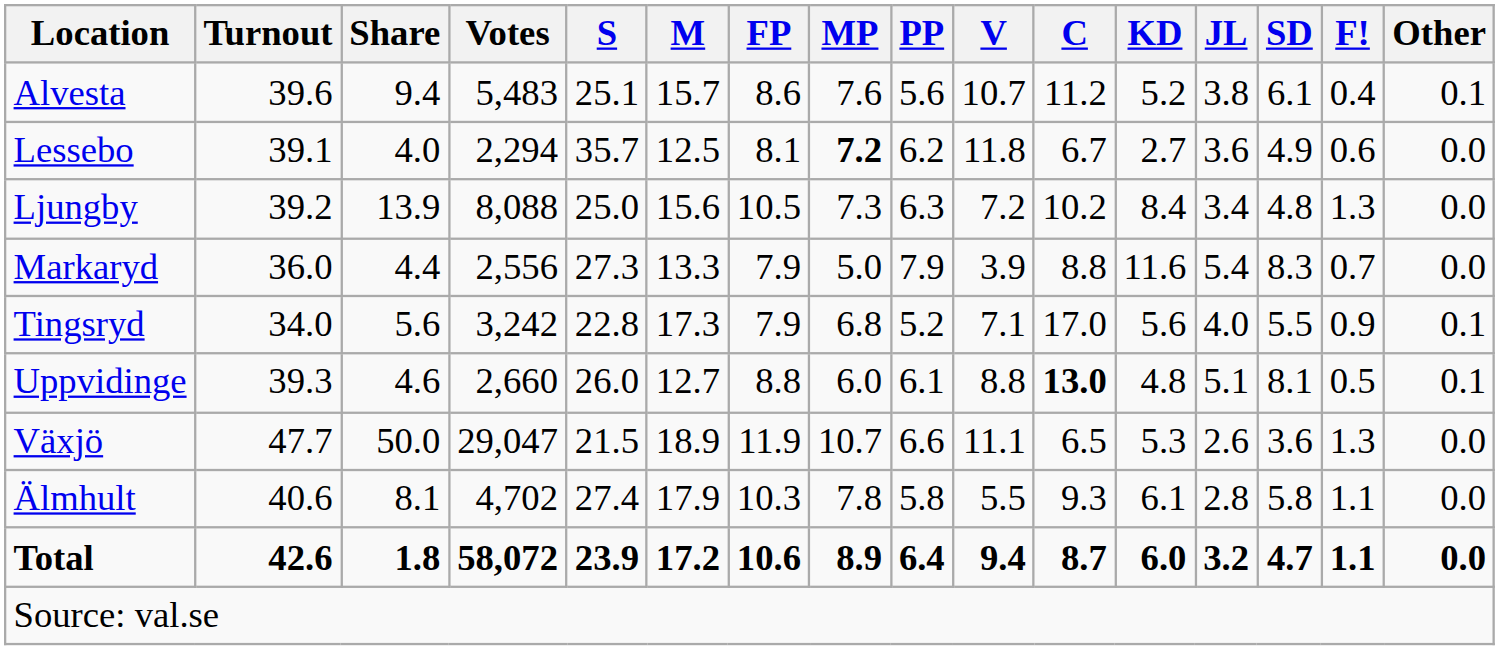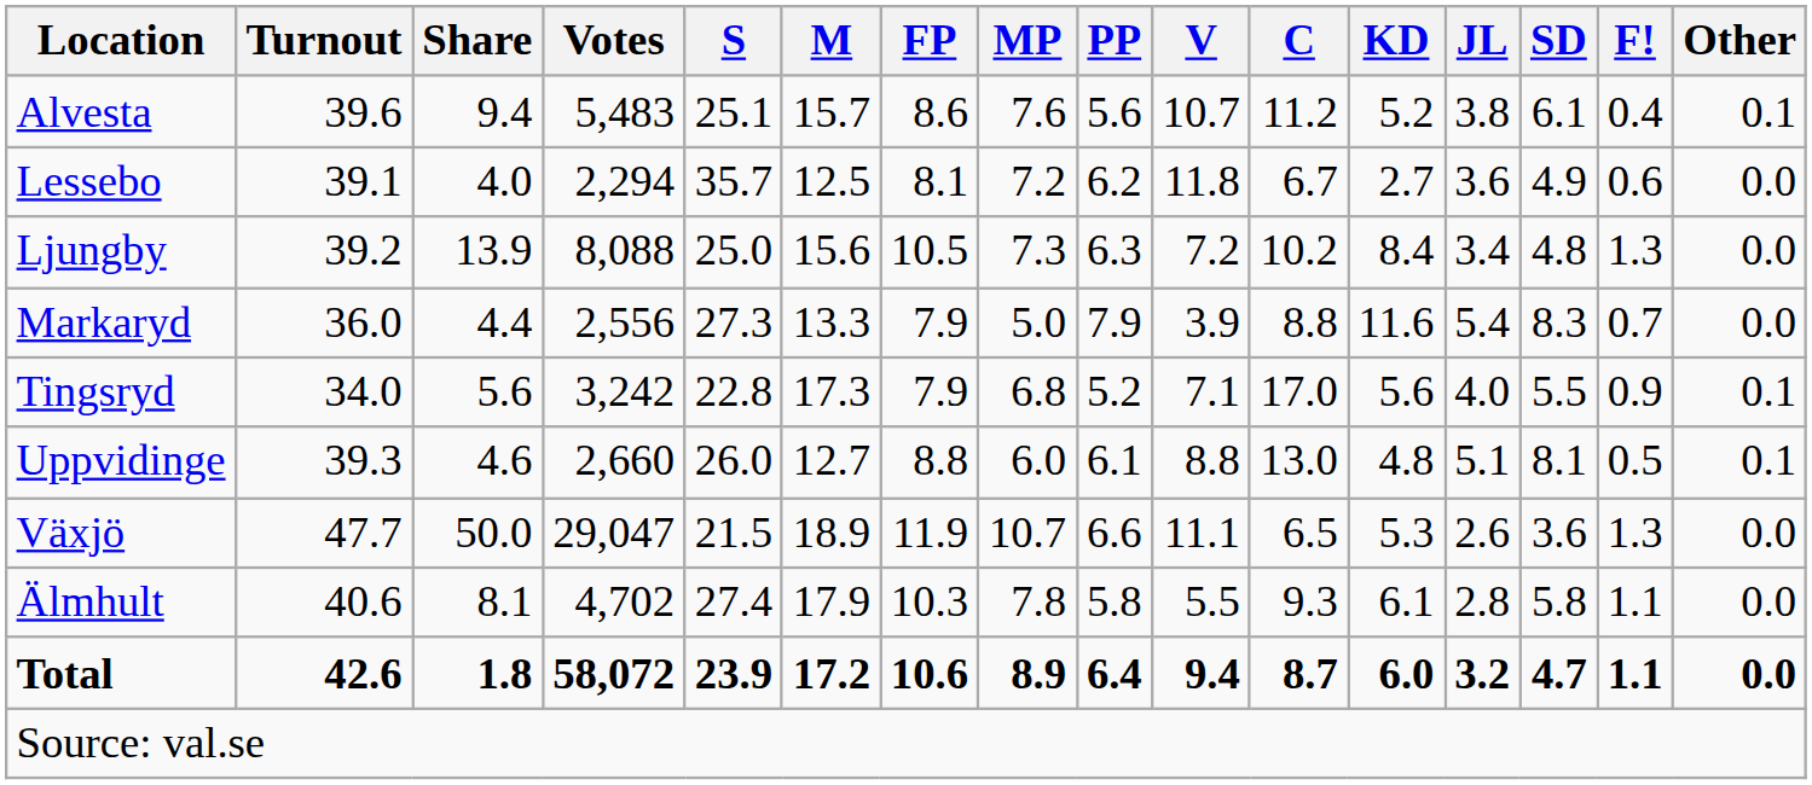 <table class="wikitable sortable" style=text-align:right>
 <tr>
 <th>Location</th>
 <th>Turnout</th>
 <th>Share</th>
 <th>Votes</th>
 <th><a href='#'>S</a></th>
 <th><a href='#'>M</a></th>
 <th><a href='#'>FP</a></th>
 <th><a href='#'>MP</a></th>
 <th><a href='#'>PP</a></th>
 <th><a href='#'>V</a></th>
 <th><a href='#'>C</a></th>
 <th><a href='#'>KD</a></th>
 <th><a href='#'>JL</a></th>
 <th><a href='#'>SD</a></th>
 <th><a href='#'>F!</a></th>
 <th>Other</th>
 </tr>
 <tr>
 <td align=left><a href='#'>Alvesta</a></td>
 <td>39.6</td>
 <td>9.4</td>
 <td>5,483</td>
 <td>25.1</td>
 <td>15.7</td>
 <td>8.6</td>
 <td>7.6</td>
 <td>5.6</td>
 <td>10.7</td>
 <td>11.2</td>
 <td>5.2</td>
 <td>3.8</td>
 <td>6.1</td>
 <td>0.4</td>
 <td>0.1</td>
 </tr>
 <tr>
 <td align=left><a href='#'>Lessebo</a></td>
 <td>39.1</td>
 <td>4.0</td>
 <td>2,294</td>
 <td>35.7</td>
 <td>12.5</td>
 <td>8.1</td>
-<td><strong>7.2</strong></td>
+<td>7.2</td>
 <td>6.2</td>
 <td>11.8</td>
 <td>6.7</td>
 <td>2.7</td>
 <td>3.6</td>
 <td>4.9</td>
 <td>0.6</td>
 <td>0.0</td>
 </tr>
 <tr>
 <td align=left><a href='#'>Ljungby</a></td>
 <td>39.2</td>
 <td>13.9</td>
 <td>8,088</td>
 <td>25.0</td>
 <td>15.6</td>
 <td>10.5</td>
 <td>7.3</td>
 <td>6.3</td>
 <td>7.2</td>
 <td>10.2</td>
 <td>8.4</td>
 <td>3.4</td>
 <td>4.8</td>
 <td>1.3</td>
 <td>0.0</td>
 </tr>
 <tr>
 <td align=left><a href='#'>Markaryd</a></td>
 <td>36.0</td>
 <td>4.4</td>
 <td>2,556</td>
 <td>27.3</td>
 <td>13.3</td>
 <td>7.9</td>
 <td>5.0</td>
 <td>7.9</td>
 <td>3.9</td>
 <td>8.8</td>
 <td>11.6</td>
 <td>5.4</td>
 <td>8.3</td>
 <td>0.7</td>
 <td>0.0</td>
 </tr>
 <tr>
 <td align=left><a href='#'>Tingsryd</a></td>
 <td>34.0</td>
 <td>5.6</td>
 <td>3,242</td>
 <td>22.8</td>
 <td>17.3</td>
 <td>7.9</td>
 <td>6.8</td>
 <td>5.2</td>
 <td>7.1</td>
 <td>17.0</td>
 <td>5.6</td>
 <td>4.0</td>
 <td>5.5</td>
 <td>0.9</td>
 <td>0.1</td>
 </tr>
 <tr>
 <td align=left><a href='#'>Uppvidinge</a></td>
 <td>39.3</td>
 <td>4.6</td>
 <td>2,660</td>
 <td>26.0</td>
 <td>12.7</td>
 <td>8.8</td>
 <td>6.0</td>
 <td>6.1</td>
 <td>8.8</td>
-<td><strong>13.0</strong></td>
+<td>13.0</td>
 <td>4.8</td>
 <td>5.1</td>
 <td>8.1</td>
 <td>0.5</td>
 <td>0.1</td>
 </tr>
 <tr>
 <td align=left><a href='#'>Växjö</a></td>
 <td>47.7</td>
 <td>50.0</td>
 <td>29,047</td>
 <td>21.5</td>
 <td>18.9</td>
 <td>11.9</td>
 <td>10.7</td>
 <td>6.6</td>
 <td>11.1</td>
 <td>6.5</td>
 <td>5.3</td>
 <td>2.6</td>
 <td>3.6</td>
 <td>1.3</td>
 <td>0.0</td>
 </tr>
 <tr>
 <td align=left><a href='#'>Älmhult</a></td>
 <td>40.6</td>
 <td>8.1</td>
 <td>4,702</td>
 <td>27.4</td>
 <td>17.9</td>
 <td>10.3</td>
 <td>7.8</td>
 <td>5.8</td>
 <td>5.5</td>
 <td>9.3</td>
 <td>6.1</td>
 <td>2.8</td>
 <td>5.8</td>
 <td>1.1</td>
 <td>0.0</td>
 </tr>
 <tr>
 <td align=left><strong>Total</strong></td>
 <td><strong>42.6</strong></td>
 <td><strong>1.8</strong></td>
 <td><strong>58,072</strong></td>
 <td><strong>23.9</strong></td>
 <td><strong>17.2</strong></td>
 <td><strong>10.6</strong></td>
 <td><strong>8.9</strong></td>
 <td><strong>6.4</strong></td>
 <td><strong>9.4</strong></td>
 <td><strong>8.7</strong></td>
 <td><strong>6.0</strong></td>
 <td><strong>3.2</strong></td>
 <td><strong>4.7</strong></td>
 <td><strong>1.1</strong></td>
 <td><strong>0.0</strong></td>
 </tr>
 <tr>
 <td align=left colspan=16>Source: val.se </td>
 </tr>
 </table>
